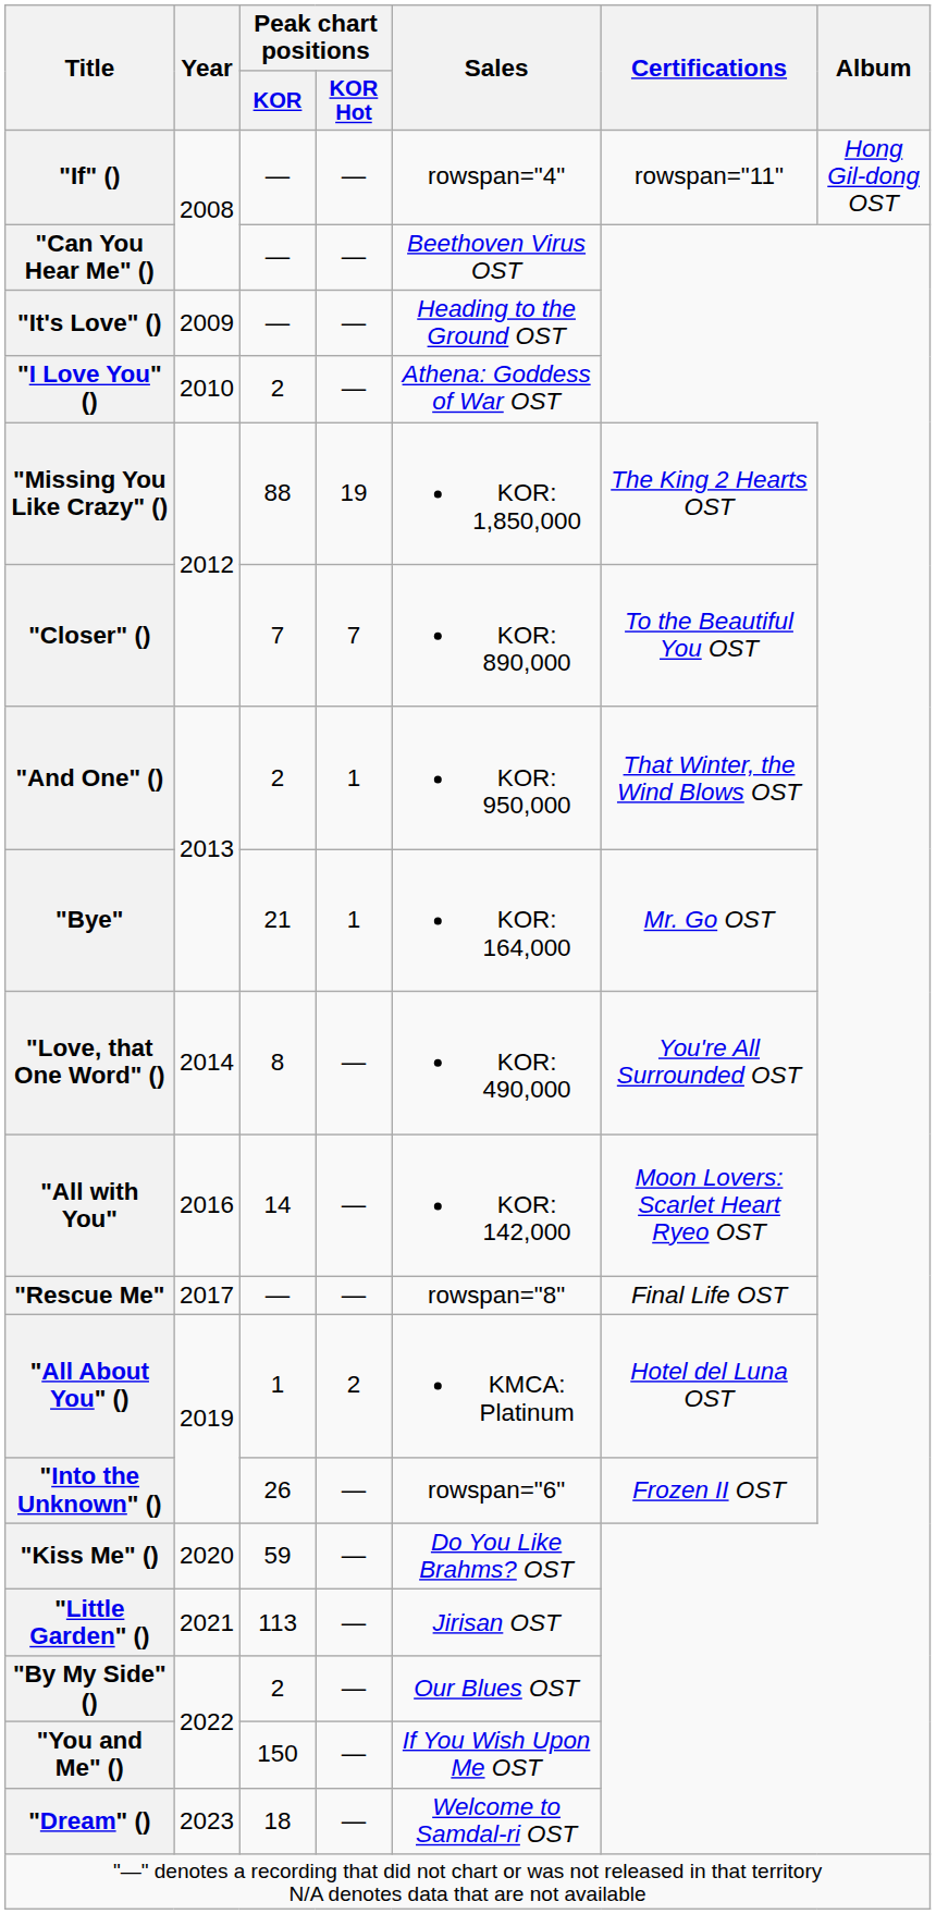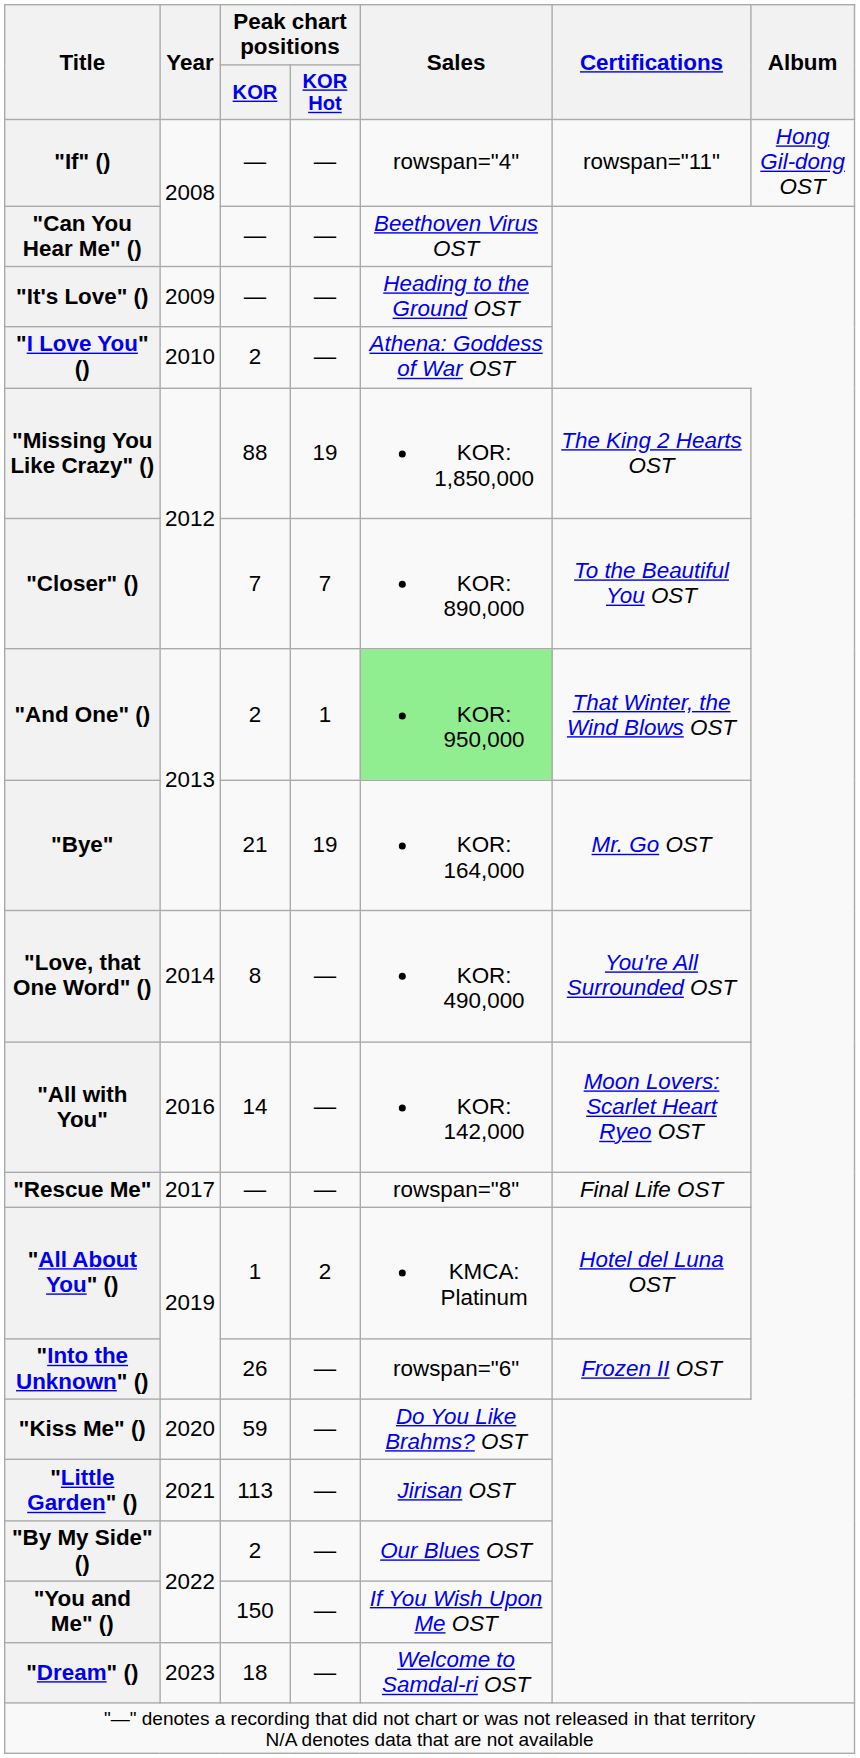 <table class="wikitable plainrowheaders" style="text-align:center">
 <tr>
 <th scope="col" rowspan="2">Title</th>
 <th scope="col" rowspan="2">Year</th>
 <th scope="col" colspan="2">Peak chart<br>positions</th>
 <th scope="col" rowspan="2">Sales</th>
 <th scope="col" rowspan="2"><a href='#'>Certifications</a></th>
 <th scope="col" rowspan="2">Album</th>
 </tr>
 <tr>
 <th scope="col" style="font-size:90%; width:3em"><a href='#'>KOR</a><br></th>
 <th scope="col" style="font-size:90%; width:3em"><a href='#'>KOR<br>Hot</a><br></th>
 </tr>
 <tr>
 <th scope="row">"If" ()</th>
 <td rowspan="2">2008</td>
 <td>—</td>
 <td>—</td>
 <td>rowspan="4" </td>
 <td>rowspan="11" </td>
 <td><em><a href='#'>Hong Gil-dong</a> OST</em></td>
 </tr>
 <tr>
 <th scope="row">"Can You Hear Me" ()</th>
 <td>—</td>
 <td>—</td>
 <td><em><a href='#'>Beethoven Virus</a> OST</em></td>
 </tr>
 <tr>
 <th scope="row">"It's Love" ()<br></th>
 <td>2009</td>
 <td>—</td>
 <td>—</td>
 <td><em><a href='#'>Heading to the Ground</a> OST</em></td>
 </tr>
 <tr>
 <th scope="row">"<a href='#'>I Love You</a>" ()</th>
 <td>2010</td>
 <td>2</td>
 <td>—</td>
 <td><em><a href='#'>Athena: Goddess of War</a> OST</em></td>
 </tr>
 <tr>
 <th scope="row">"Missing You Like Crazy" ()</th>
 <td rowspan="2">2012</td>
 <td>88</td>
 <td>19</td>
 <td><br><ul><li>KOR: 1,850,000</li></ul></td>
 <td><em><a href='#'>The King 2 Hearts</a> OST</em></td>
 </tr>
 <tr>
 <th scope="row">"Closer" ()</th>
 <td>7</td>
 <td>7</td>
 <td><br><ul><li>KOR: 890,000</li></ul></td>
 <td><em><a href='#'>To the Beautiful You</a> OST</em></td>
 </tr>
 <tr>
 <th scope="row">"And One" ()</th>
 <td rowspan="2">2013</td>
 <td>2</td>
 <td>1</td>
-<td><br><ul><li>KOR: 950,000</li></ul></td>
+<td style="background: lightgreen;"><br><ul><li>KOR: 950,000</li></ul></td>
 <td><em><a href='#'>That Winter, the Wind Blows</a> OST</em></td>
 </tr>
 <tr>
 <th scope="row">"Bye"</th>
 <td>21</td>
-<td>1</td>
+<td>19</td>
 <td><br><ul><li>KOR: 164,000</li></ul></td>
 <td><em><a href='#'>Mr. Go</a> OST</em></td>
 </tr>
 <tr>
 <th scope="row">"Love, that One Word" ()</th>
 <td>2014</td>
 <td>8</td>
 <td>—</td>
 <td><br><ul><li>KOR: 490,000</li></ul></td>
 <td><em><a href='#'>You're All Surrounded</a> OST</em></td>
 </tr>
 <tr>
 <th scope="row">"All with You"</th>
 <td>2016</td>
 <td>14</td>
 <td>—</td>
 <td><br><ul><li>KOR: 142,000</li></ul></td>
 <td><em><a href='#'>Moon Lovers: Scarlet Heart Ryeo</a> OST</em></td>
 </tr>
 <tr>
 <th scope="row">"Rescue Me"</th>
 <td>2017</td>
 <td>—</td>
 <td>—</td>
 <td>rowspan="8" </td>
 <td><em>Final Life OST</em></td>
 </tr>
 <tr>
 <th scope="row">"<a href='#'>All About You</a>" ()</th>
 <td rowspan="2">2019</td>
 <td>1</td>
 <td>2</td>
 <td><br><ul><li>KMCA: Platinum </li></ul></td>
 <td><em><a href='#'>Hotel del Luna</a> OST</em></td>
 </tr>
 <tr>
 <th scope="row">"<a href='#'>Into the Unknown</a>" ()</th>
 <td>26</td>
 <td>—</td>
 <td>rowspan="6" </td>
 <td><em><a href='#'>Frozen II</a> OST</em></td>
 </tr>
 <tr>
 <th scope="row">"Kiss Me" ()</th>
 <td>2020</td>
 <td>59</td>
 <td>—</td>
 <td><em><a href='#'>Do You Like Brahms?</a> OST</em></td>
 </tr>
 <tr>
 <th scope="row">"<a href='#'>Little Garden</a>" ()</th>
 <td>2021</td>
 <td>113</td>
 <td>—</td>
 <td><em><a href='#'>Jirisan</a> OST</em></td>
 </tr>
 <tr>
 <th scope="row">"By My Side" ()</th>
 <td rowspan="2">2022</td>
 <td>2</td>
 <td>—</td>
 <td><em><a href='#'>Our Blues</a> OST</em></td>
 </tr>
 <tr>
 <th scope="row">"You and Me" ()</th>
 <td>150</td>
 <td>—</td>
 <td><em><a href='#'>If You Wish Upon Me</a> OST</em></td>
 </tr>
 <tr>
 <th scope="row">"<a href='#'>Dream</a>" ()</th>
 <td>2023</td>
 <td>18</td>
 <td>—</td>
 <td><em><a href='#'>Welcome to Samdal-ri</a> OST</em></td>
 </tr>
 <tr>
 <td colspan="7" style="font-size:85%">"—" denotes a recording that did not chart or was not released in that territory<br>N/A denotes data that are not available</td>
 </tr>
 </table>
